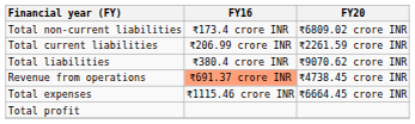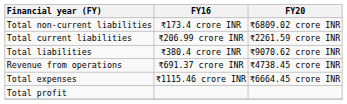 <table class="wikitable" style="text-align:center;margin:auto;">
 <tr>
 <th style="text-align:left;">Financial year (FY)</th>
 <th>FY16</th>
 <th>FY20</th>
 </tr>
 <tr>
 <td style="text-align:left;">Total non-current liabilities</td>
 <td>₹173.4 crore INR</td>
 <td>₹6809.02 crore INR</td>
 </tr>
 <tr>
 <td style="text-align:left;">Total current liabilities</td>
 <td>₹206.99 crore INR</td>
 <td>₹2261.59 crore INR</td>
 </tr>
 <tr>
 <td style="text-align:left;">Total liabilities</td>
 <td>₹380.4 crore INR</td>
 <td>₹9070.62 crore INR</td>
 </tr>
 <tr>
 <td style="text-align:left;">Revenue from operations</td>
-<td style="background: lightsalmon;">₹691.37 crore INR</td>
+<td>₹691.37 crore INR</td>
 <td>₹4738.45 crore INR</td>
 </tr>
 <tr>
 <td style="text-align:left;">Total expenses</td>
 <td>₹1115.46 crore INR</td>
 <td>₹6664.45 crore INR</td>
 </tr>
 <tr>
 <td style="text-align:left;">Total profit</td>
 <td></td>
 <td></td>
 </tr>
 <tr>
 </tr>
 </table>
